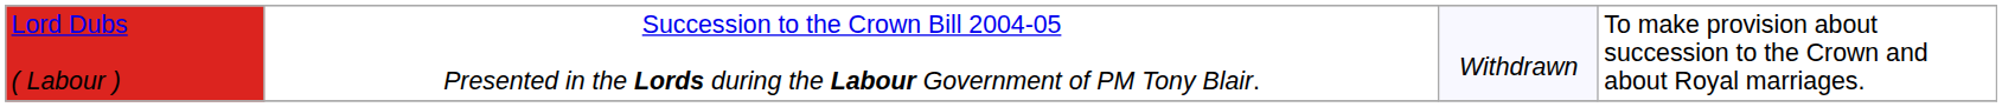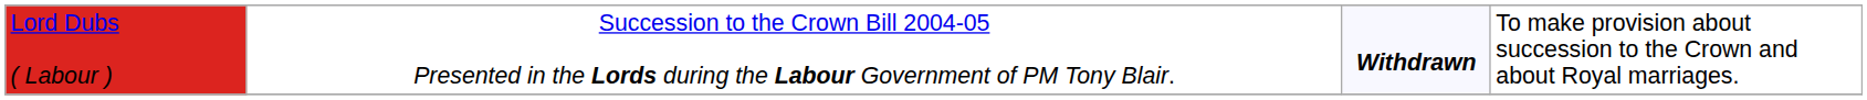 <table class="wikitable" width="100%">
 <tr bgcolor="#F8F8FF">
 </tr>
 <tr align="center" bgcolor="#F8F8FF">
 <td style="width: 13%;" align="left" bgcolor="#DC241f"><a href='#'>Lord Dubs</a><br><br><em>( Labour )</em></td>
 <td style="width: 59%;" bgcolor="#FFFFFF" align="center"><a href='#'>Succession to the Crown Bill 2004-05</a><br><br><em>Presented in the <strong>Lords</strong> during the <strong>Labour</strong> Government of PM Tony Blair</em>.</td>
-<td style="width: 8%;"><br><em>Withdrawn</em></td>
+<td style="width: 8%;"><strong><br><em>Withdrawn</em></strong></td>
 <td align="left" bgcolor="#FFFFFF">To make provision about succession to the Crown and about Royal marriages.</td>
 </tr>
 <tr>
 </tr>
 </table>
